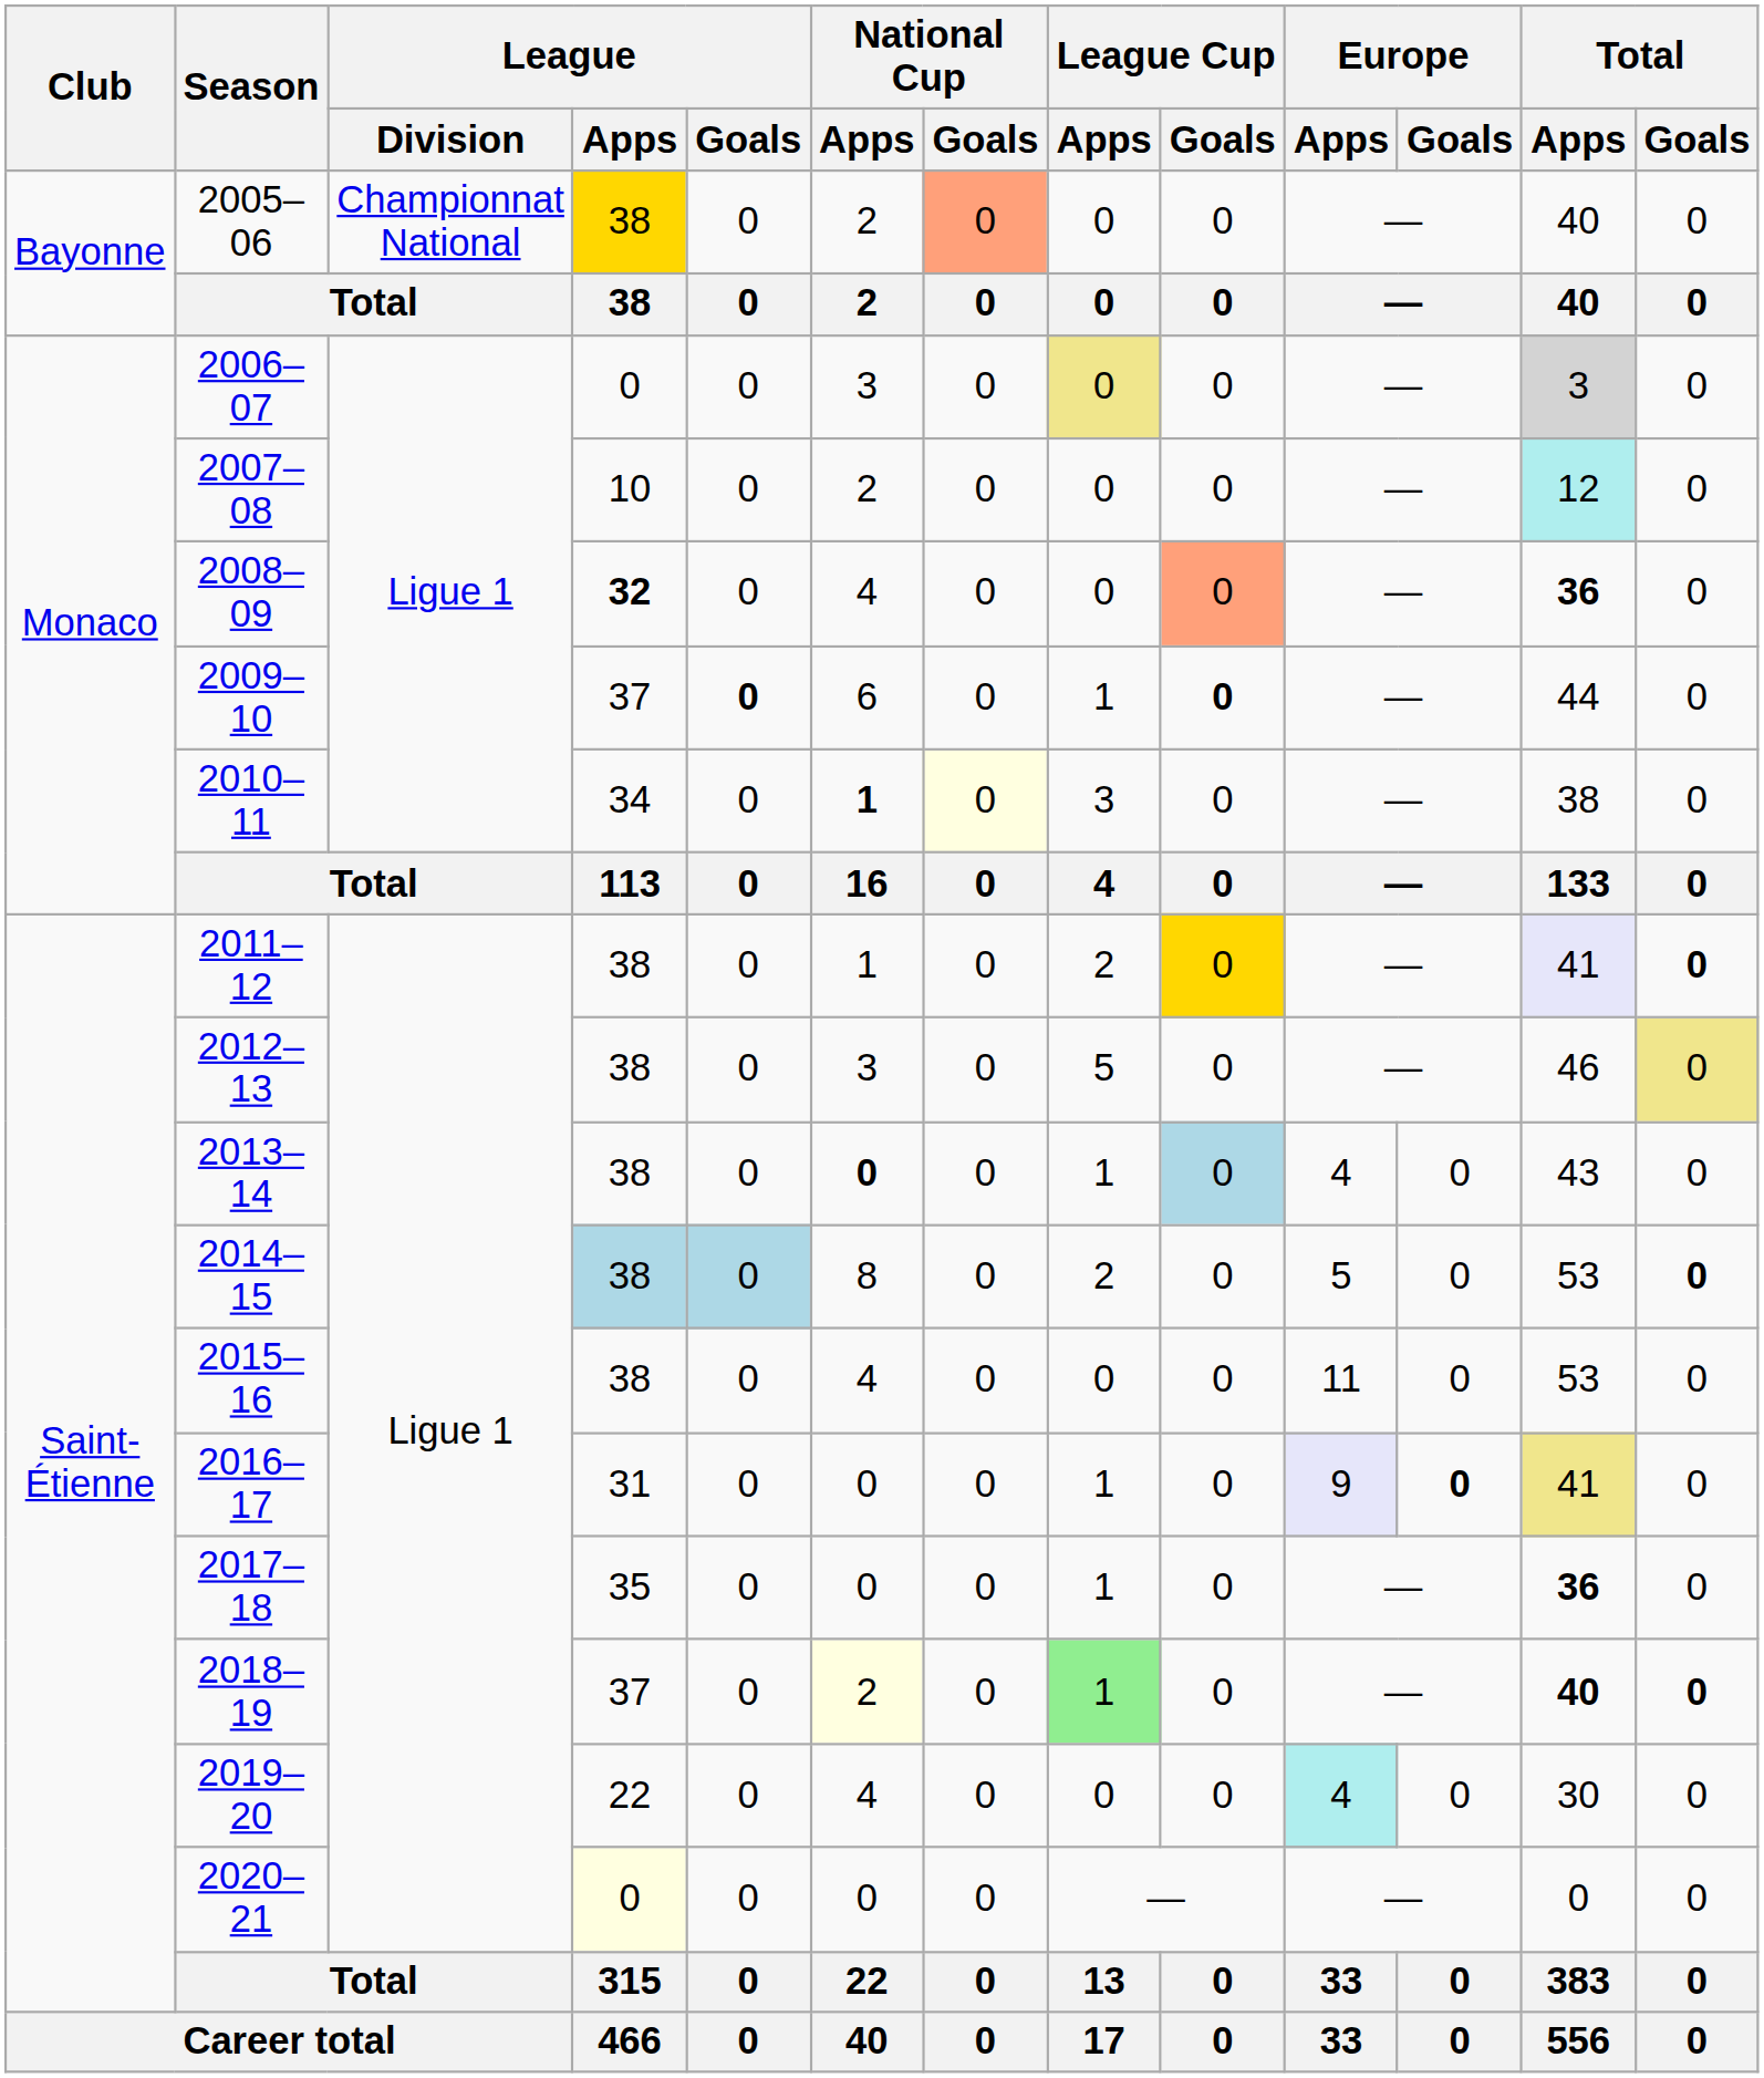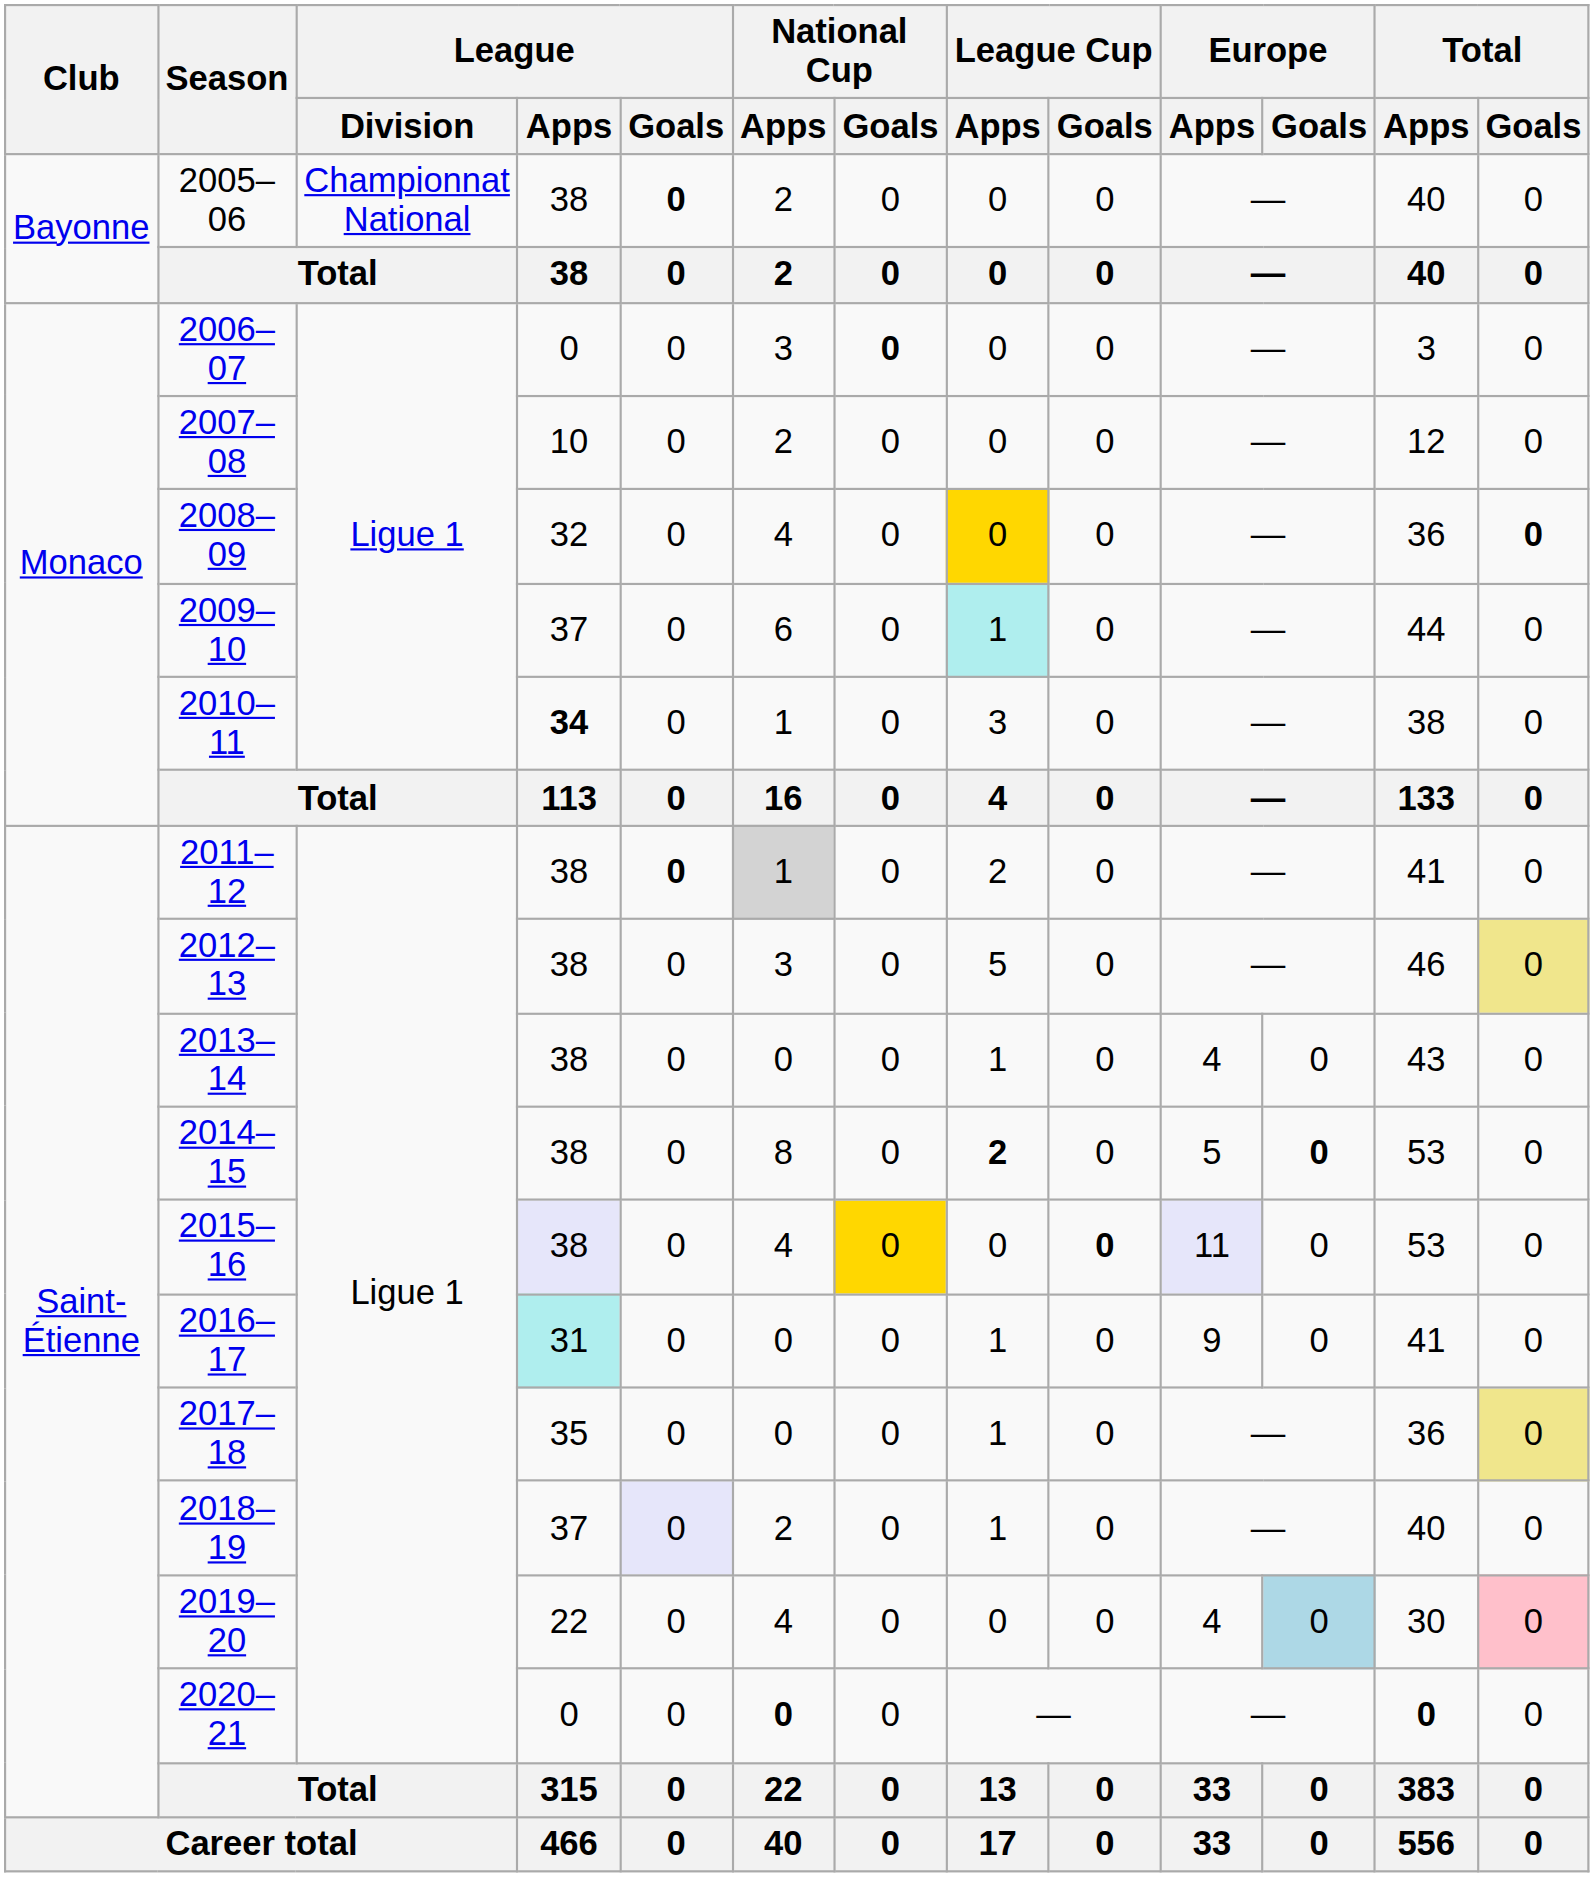 <table class="wikitable" style="text-align: center;">
 <tr>
 <th rowspan=2>Club</th>
 <th rowspan=2>Season</th>
 <th colspan=3>League</th>
 <th colspan=2>National Cup</th>
 <th colspan=2>League Cup</th>
 <th colspan=2>Europe</th>
 <th colspan=2>Total</th>
 </tr>
 <tr>
 <th>Division</th>
 <th>Apps</th>
 <th>Goals</th>
 <th>Apps</th>
 <th>Goals</th>
 <th>Apps</th>
 <th>Goals</th>
 <th>Apps</th>
 <th>Goals</th>
 <th>Apps</th>
 <th>Goals</th>
 </tr>
 <tr>
 <td rowspan=2><a href='#'>Bayonne</a></td>
 <td>2005–06</td>
 <td><a href='#'>Championnat National</a></td>
-<td style="background: gold;">38</td>
+<td>38</td>
+<td><strong>0</strong></td>
+<td>2</td>
 <td>0</td>
-<td>2</td>
-<td style="background: lightsalmon;">0</td>
 <td>0</td>
 <td>0</td>
 <td colspan="2">—</td>
 <td>40</td>
 <td>0</td>
 </tr>
 <tr>
 <th colspan=2>Total</th>
 <th>38</th>
 <th>0</th>
 <th>2</th>
 <th>0</th>
 <th>0</th>
 <th>0</th>
 <th colspan="2">—</th>
 <th>40</th>
 <th>0</th>
 </tr>
 <tr>
 <td rowspan=6><a href='#'>Monaco</a></td>
 <td><a href='#'>2006–07</a></td>
 <td rowspan=5><a href='#'>Ligue 1</a></td>
 <td>0</td>
 <td>0</td>
 <td>3</td>
+<td><strong>0</strong></td>
 <td>0</td>
-<td style="background: khaki;">0</td>
 <td>0</td>
 <td colspan="2">—</td>
-<td style="background: lightgrey;">3</td>
+<td>3</td>
 <td>0</td>
 </tr>
 <tr>
 <td><a href='#'>2007–08</a></td>
 <td>10</td>
 <td>0</td>
 <td>2</td>
 <td>0</td>
 <td>0</td>
 <td>0</td>
 <td colspan="2">—</td>
-<td style="background: paleturquoise;">12</td>
+<td>12</td>
 <td>0</td>
 </tr>
 <tr>
 <td><a href='#'>2008–09</a></td>
-<td><strong>32</strong></td>
+<td>32</td>
 <td>0</td>
 <td>4</td>
 <td>0</td>
+<td style="background: gold;">0</td>
 <td>0</td>
-<td style="background: lightsalmon;">0</td>
 <td colspan="2">—</td>
-<td><strong>36</strong></td>
-<td>0</td>
+<td>36</td>
+<td><strong>0</strong></td>
 </tr>
 <tr>
 <td><a href='#'>2009–10</a></td>
 <td>37</td>
-<td><strong>0</strong></td>
+<td>0</td>
 <td>6</td>
 <td>0</td>
-<td>1</td>
-<td><strong>0</strong></td>
+<td style="background: paleturquoise;">1</td>
+<td>0</td>
 <td colspan="2">—</td>
 <td>44</td>
 <td>0</td>
 </tr>
 <tr>
 <td><a href='#'>2010–11</a></td>
-<td>34</td>
+<td><strong>34</strong></td>
 <td>0</td>
-<td><strong>1</strong></td>
-<td style="background: lightyellow;">0</td>
+<td>1</td>
+<td>0</td>
 <td>3</td>
 <td>0</td>
 <td colspan="2">—</td>
 <td>38</td>
 <td>0</td>
 </tr>
 <tr>
 <th colspan=2>Total</th>
 <th>113</th>
 <th>0</th>
 <th>16</th>
 <th>0</th>
 <th>4</th>
 <th>0</th>
 <th colspan="2">—</th>
 <th>133</th>
 <th>0</th>
 </tr>
 <tr>
 <td rowspan=11><a href='#'>Saint-Étienne</a></td>
 <td><a href='#'>2011–12</a></td>
 <td rowspan=10>Ligue 1</td>
 <td>38</td>
-<td>0</td>
-<td>1</td>
+<td><strong>0</strong></td>
+<td style="background: lightgrey;">1</td>
 <td>0</td>
 <td>2</td>
-<td style="background: gold;">0</td>
+<td>0</td>
 <td colspan="2">—</td>
-<td style="background: lavender;">41</td>
-<td><strong>0</strong></td>
+<td>41</td>
+<td>0</td>
 </tr>
 <tr>
 <td><a href='#'>2012–13</a></td>
 <td>38</td>
 <td>0</td>
 <td>3</td>
 <td>0</td>
 <td>5</td>
 <td>0</td>
 <td colspan="2">—</td>
 <td>46</td>
 <td style="background: khaki;">0</td>
 </tr>
 <tr>
 <td><a href='#'>2013–14</a></td>
 <td>38</td>
 <td>0</td>
-<td><strong>0</strong></td>
+<td>0</td>
 <td>0</td>
 <td>1</td>
-<td style="background: lightblue;">0</td>
+<td>0</td>
 <td>4</td>
 <td>0</td>
 <td>43</td>
 <td>0</td>
 </tr>
 <tr>
 <td><a href='#'>2014–15</a></td>
-<td style="background: lightblue;">38</td>
-<td style="background: lightblue;">0</td>
+<td>38</td>
+<td>0</td>
 <td>8</td>
 <td>0</td>
-<td>2</td>
+<td><strong>2</strong></td>
 <td>0</td>
 <td>5</td>
+<td><strong>0</strong></td>
+<td>53</td>
 <td>0</td>
-<td>53</td>
-<td><strong>0</strong></td>
 </tr>
 <tr>
 <td><a href='#'>2015–16</a></td>
-<td>38</td>
+<td style="background: lavender;">38</td>
 <td>0</td>
 <td>4</td>
+<td style="background: gold;">0</td>
 <td>0</td>
-<td>0</td>
-<td>0</td>
-<td>11</td>
+<td><strong>0</strong></td>
+<td style="background: lavender;">11</td>
 <td>0</td>
 <td>53</td>
 <td>0</td>
 </tr>
 <tr>
 <td><a href='#'>2016–17</a></td>
-<td>31</td>
+<td style="background: paleturquoise;">31</td>
 <td>0</td>
 <td>0</td>
 <td>0</td>
 <td>1</td>
 <td>0</td>
-<td style="background: lavender;">9</td>
-<td><strong>0</strong></td>
-<td style="background: khaki;">41</td>
+<td>9</td>
+<td>0</td>
+<td>41</td>
 <td>0</td>
 </tr>
 <tr>
 <td><a href='#'>2017–18</a></td>
 <td>35</td>
 <td>0</td>
 <td>0</td>
 <td>0</td>
 <td>1</td>
 <td>0</td>
 <td colspan="2">—</td>
-<td><strong>36</strong></td>
-<td>0</td>
+<td>36</td>
+<td style="background: khaki;">0</td>
 </tr>
 <tr>
 <td><a href='#'>2018–19</a></td>
 <td>37</td>
+<td style="background: lavender;">0</td>
+<td>2</td>
 <td>0</td>
-<td style="background: lightyellow;">2</td>
-<td>0</td>
-<td style="background: lightgreen;">1</td>
+<td>1</td>
 <td>0</td>
 <td colspan="2">—</td>
-<td><strong>40</strong></td>
-<td><strong>0</strong></td>
+<td>40</td>
+<td>0</td>
 </tr>
 <tr>
 <td><a href='#'>2019–20</a></td>
 <td>22</td>
 <td>0</td>
 <td>4</td>
 <td>0</td>
 <td>0</td>
 <td>0</td>
-<td style="background: paleturquoise;">4</td>
-<td>0</td>
+<td>4</td>
+<td style="background: lightblue;">0</td>
 <td>30</td>
-<td>0</td>
+<td style="background: pink;">0</td>
 </tr>
 <tr>
 <td><a href='#'>2020–21</a></td>
-<td style="background: lightyellow;">0</td>
 <td>0</td>
 <td>0</td>
+<td><strong>0</strong></td>
 <td>0</td>
 <td colspan="2">—</td>
 <td colspan="2">—</td>
-<td>0</td>
+<td><strong>0</strong></td>
 <td>0</td>
 </tr>
 <tr>
 <th colspan=2>Total</th>
 <th>315</th>
 <th>0</th>
 <th>22</th>
 <th>0</th>
 <th>13</th>
 <th>0</th>
 <th>33</th>
 <th>0</th>
 <th>383</th>
 <th>0</th>
 </tr>
 <tr>
 <th colspan=3>Career total</th>
 <th>466</th>
 <th>0</th>
 <th>40</th>
 <th>0</th>
 <th>17</th>
 <th>0</th>
 <th>33</th>
 <th>0</th>
 <th>556</th>
 <th>0</th>
 </tr>
 </table>
